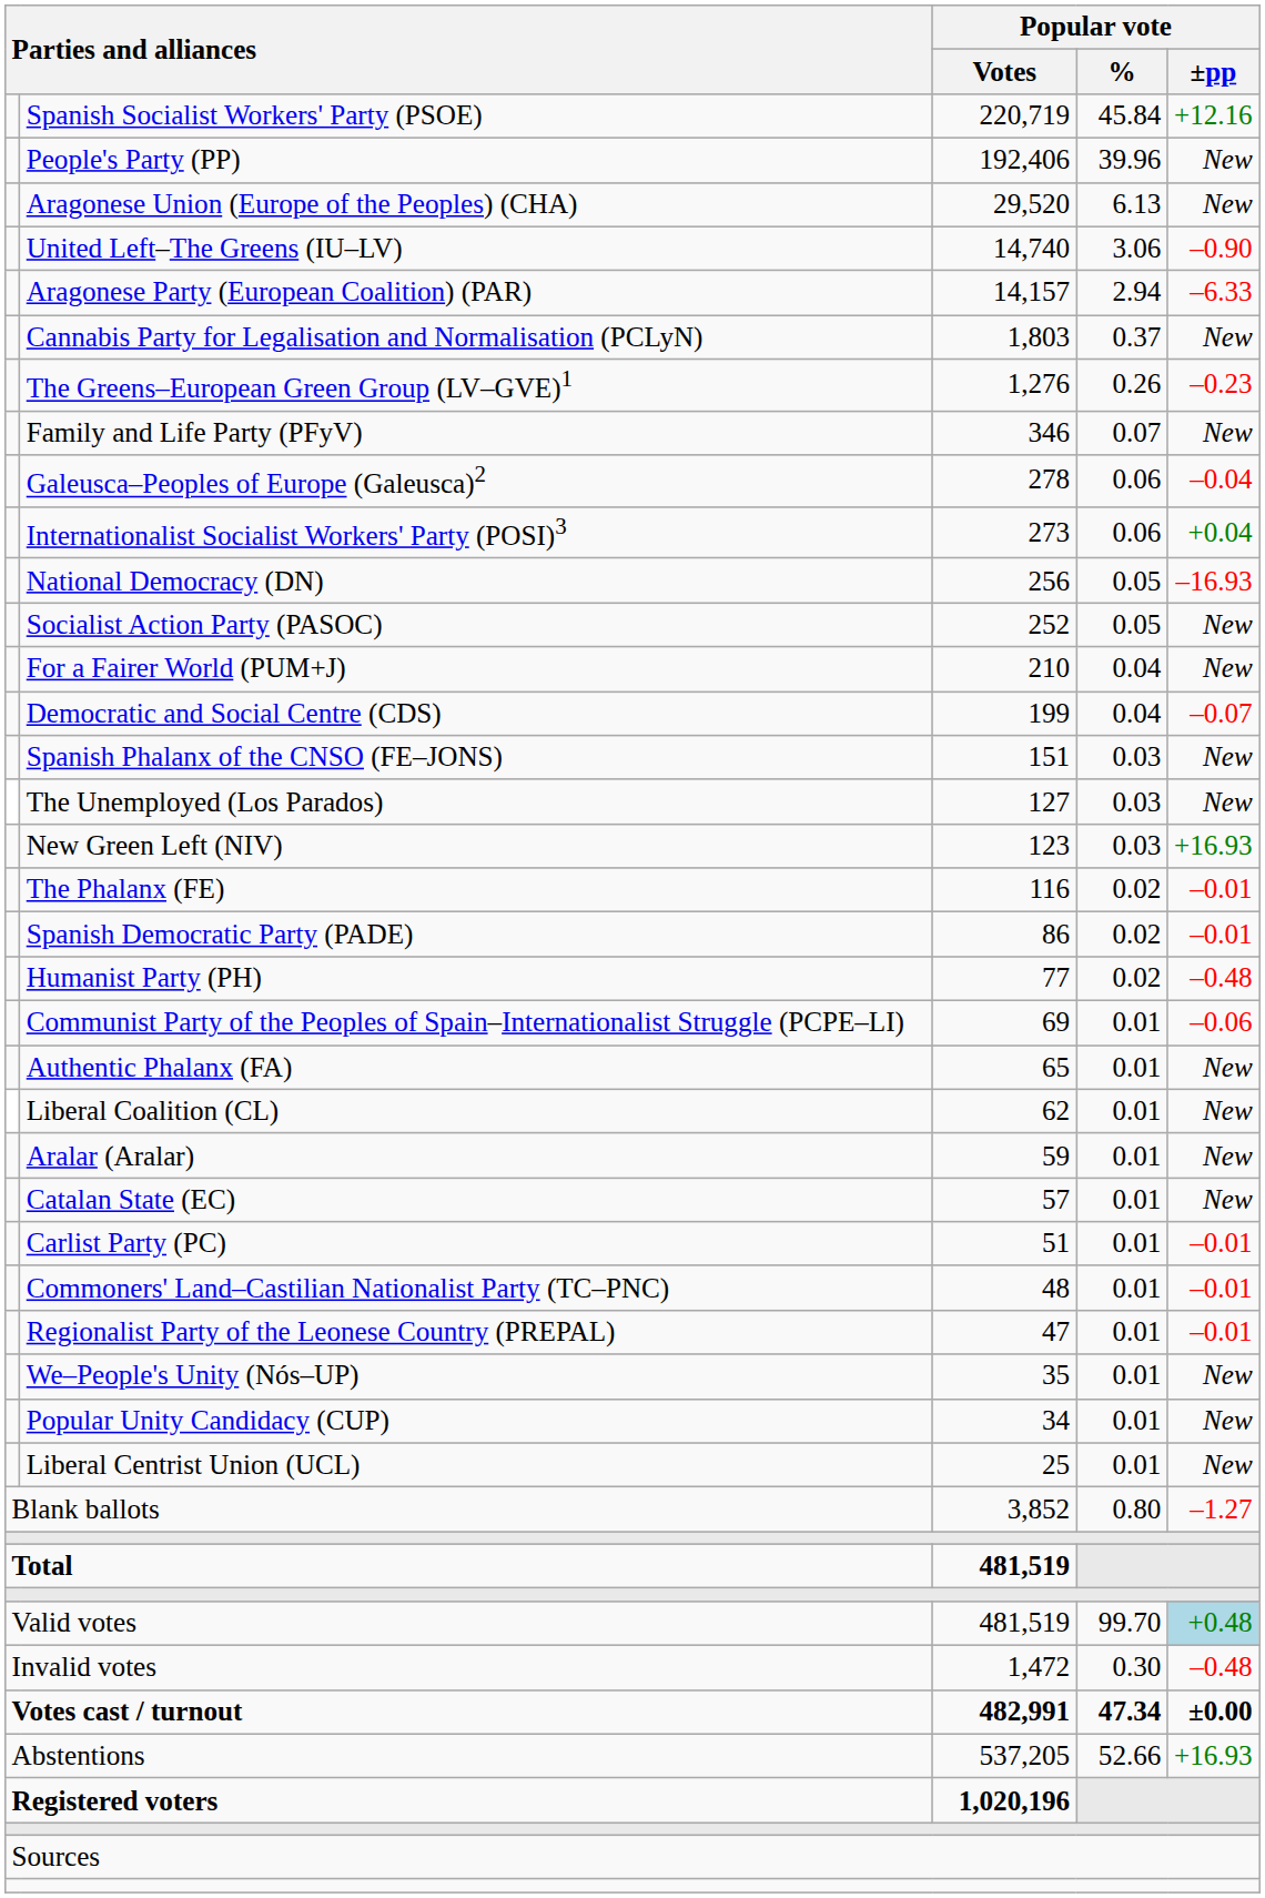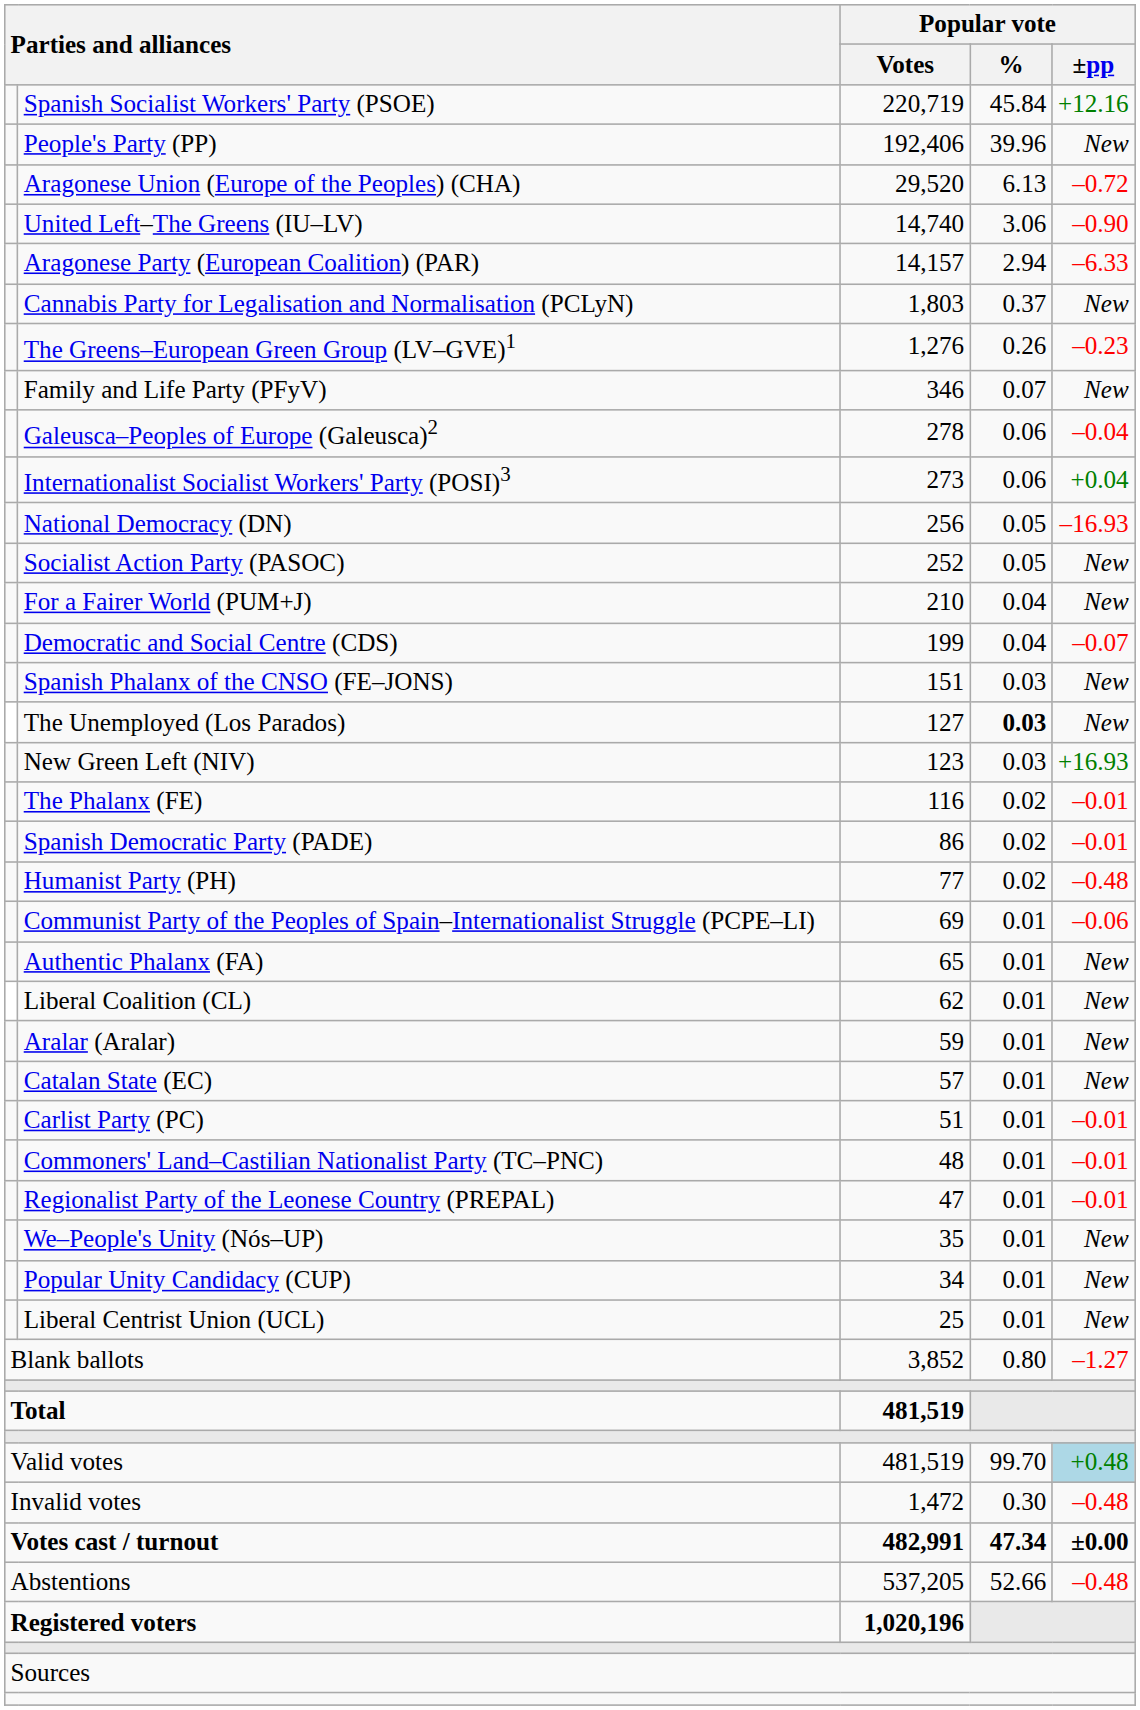 <table class="wikitable" style="text-align:right">
 <tr>
 <th style="text-align:left;" rowspan="2" colspan="2" width="525">Parties and alliances</th>
 <th colspan="3">Popular vote</th>
 </tr>
 <tr>
 <th width="75">Votes</th>
 <th width="45">%</th>
 <th width="45">±<a href='#'>pp</a></th>
 </tr>
 <tr>
 <td width="1" style="color:inherit;background:"></td>
 <td align="left"><a href='#'>Spanish Socialist Workers' Party</a> (PSOE)</td>
 <td>220,719</td>
 <td>45.84</td>
 <td style="color:green;">+12.16</td>
 </tr>
 <tr>
 <td style="color:inherit;background:"></td>
 <td align="left"><a href='#'>People's Party</a> (PP)</td>
 <td>192,406</td>
 <td>39.96</td>
 <td><em>New</em></td>
 </tr>
 <tr>
 <td style="color:inherit;background:"></td>
 <td align="left"><a href='#'>Aragonese Union</a> (<a href='#'>Europe of the Peoples</a>) (CHA)</td>
 <td>29,520</td>
 <td>6.13</td>
-<td><em>New</em></td>
+<td style="color:red;">–0.72</td>
 </tr>
 <tr>
 <td style="color:inherit;background:"></td>
 <td align="left"><a href='#'>United Left</a>–<a href='#'>The Greens</a> (IU–LV)</td>
 <td>14,740</td>
 <td>3.06</td>
 <td style="color:red;">–0.90</td>
 </tr>
 <tr>
 <td style="color:inherit;background:"></td>
 <td align="left"><a href='#'>Aragonese Party</a> (<a href='#'>European Coalition</a>) (PAR)</td>
 <td>14,157</td>
 <td>2.94</td>
 <td style="color:red;">–6.33</td>
 </tr>
 <tr>
 <td style="color:inherit;background:"></td>
 <td align="left"><a href='#'>Cannabis Party for Legalisation and Normalisation</a> (PCLyN)</td>
 <td>1,803</td>
 <td>0.37</td>
 <td><em>New</em></td>
 </tr>
 <tr>
 <td style="color:inherit;background:"></td>
 <td align="left"><a href='#'>The Greens–European Green Group</a> (LV–GVE)<sup>1</sup></td>
 <td>1,276</td>
 <td>0.26</td>
 <td style="color:red;">–0.23</td>
 </tr>
 <tr>
 <td style="color:inherit;background:"></td>
 <td align="left">Family and Life Party (PFyV)</td>
 <td>346</td>
 <td>0.07</td>
 <td><em>New</em></td>
 </tr>
 <tr>
 <td style="color:inherit;background:"></td>
 <td align="left"><a href='#'>Galeusca–Peoples of Europe</a> (Galeusca)<sup>2</sup></td>
 <td>278</td>
 <td>0.06</td>
 <td style="color:red;">–0.04</td>
 </tr>
 <tr>
 <td style="color:inherit;background:"></td>
 <td align="left"><a href='#'>Internationalist Socialist Workers' Party</a> (POSI)<sup>3</sup></td>
 <td>273</td>
 <td>0.06</td>
 <td style="color:green;">+0.04</td>
 </tr>
 <tr>
 <td style="color:inherit;background:"></td>
 <td align="left"><a href='#'>National Democracy</a> (DN)</td>
 <td>256</td>
 <td>0.05</td>
 <td style="color:red;">–16.93</td>
 </tr>
 <tr>
 <td style="color:inherit;background:"></td>
 <td align="left"><a href='#'>Socialist Action Party</a> (PASOC)</td>
 <td>252</td>
 <td>0.05</td>
 <td><em>New</em></td>
 </tr>
 <tr>
 <td style="color:inherit;background:"></td>
 <td align="left"><a href='#'>For a Fairer World</a> (PUM+J)</td>
 <td>210</td>
 <td>0.04</td>
 <td><em>New</em></td>
 </tr>
 <tr>
 <td style="color:inherit;background:"></td>
 <td align="left"><a href='#'>Democratic and Social Centre</a> (CDS)</td>
 <td>199</td>
 <td>0.04</td>
 <td style="color:red;">–0.07</td>
 </tr>
 <tr>
 <td style="color:inherit;background:"></td>
 <td align="left"><a href='#'>Spanish Phalanx of the CNSO</a> (FE–JONS)</td>
 <td>151</td>
 <td>0.03</td>
 <td><em>New</em></td>
 </tr>
 <tr>
 <td bgcolor="white"></td>
 <td align="left">The Unemployed (Los Parados)</td>
 <td>127</td>
-<td>0.03</td>
+<td><strong>0.03</strong></td>
 <td><em>New</em></td>
 </tr>
 <tr>
 <td style="color:inherit;background:"></td>
 <td align="left">New Green Left (NIV)</td>
 <td>123</td>
 <td>0.03</td>
 <td style="color:green;">+16.93</td>
 </tr>
 <tr>
 <td style="color:inherit;background:"></td>
 <td align="left"><a href='#'>The Phalanx</a> (FE)</td>
 <td>116</td>
 <td>0.02</td>
 <td style="color:red;">–0.01</td>
 </tr>
 <tr>
 <td style="color:inherit;background:"></td>
 <td align="left"><a href='#'>Spanish Democratic Party</a> (PADE)</td>
 <td>86</td>
 <td>0.02</td>
 <td style="color:red;">–0.01</td>
 </tr>
 <tr>
 <td style="color:inherit;background:"></td>
 <td align="left"><a href='#'>Humanist Party</a> (PH)</td>
 <td>77</td>
 <td>0.02</td>
 <td style="color:red;">–0.48</td>
 </tr>
 <tr>
 <td style="color:inherit;background:"></td>
 <td align="left"><a href='#'>Communist Party of the Peoples of Spain</a>–<a href='#'>Internationalist Struggle</a> (PCPE–LI)</td>
 <td>69</td>
 <td>0.01</td>
 <td style="color:red;">–0.06</td>
 </tr>
 <tr>
 <td style="color:inherit;background:"></td>
 <td align="left"><a href='#'>Authentic Phalanx</a> (FA)</td>
 <td>65</td>
 <td>0.01</td>
 <td><em>New</em></td>
 </tr>
 <tr>
 <td bgcolor="white"></td>
 <td align="left">Liberal Coalition (CL)</td>
 <td>62</td>
 <td>0.01</td>
 <td><em>New</em></td>
 </tr>
 <tr>
 <td style="color:inherit;background:"></td>
 <td align="left"><a href='#'>Aralar</a> (Aralar)</td>
 <td>59</td>
 <td>0.01</td>
 <td><em>New</em></td>
 </tr>
 <tr>
 <td style="color:inherit;background:"></td>
 <td align="left"><a href='#'>Catalan State</a> (EC)</td>
 <td>57</td>
 <td>0.01</td>
 <td><em>New</em></td>
 </tr>
 <tr>
 <td style="color:inherit;background:"></td>
 <td align="left"><a href='#'>Carlist Party</a> (PC)</td>
 <td>51</td>
 <td>0.01</td>
 <td style="color:red;">–0.01</td>
 </tr>
 <tr>
 <td style="color:inherit;background:"></td>
 <td align="left"><a href='#'>Commoners' Land–Castilian Nationalist Party</a> (TC–PNC)</td>
 <td>48</td>
 <td>0.01</td>
 <td style="color:red;">–0.01</td>
 </tr>
 <tr>
 <td style="color:inherit;background:"></td>
 <td align="left"><a href='#'>Regionalist Party of the Leonese Country</a> (PREPAL)</td>
 <td>47</td>
 <td>0.01</td>
 <td style="color:red;">–0.01</td>
 </tr>
 <tr>
 <td style="color:inherit;background:"></td>
 <td align="left"><a href='#'>We–People's Unity</a> (Nós–UP)</td>
 <td>35</td>
 <td>0.01</td>
 <td><em>New</em></td>
 </tr>
 <tr>
 <td style="color:inherit;background:"></td>
 <td align="left"><a href='#'>Popular Unity Candidacy</a> (CUP)</td>
 <td>34</td>
 <td>0.01</td>
 <td><em>New</em></td>
 </tr>
 <tr>
 <td style="color:inherit;background:"></td>
 <td align="left">Liberal Centrist Union (UCL)</td>
 <td>25</td>
 <td>0.01</td>
 <td><em>New</em></td>
 </tr>
 <tr>
 <td align="left" colspan="2">Blank ballots</td>
 <td>3,852</td>
 <td>0.80</td>
 <td style="color:red;">–1.27</td>
 </tr>
 <tr>
 <td colspan="5" bgcolor="#E9E9E9"></td>
 </tr>
 <tr style="font-weight:bold;">
 <td align="left" colspan="2">Total</td>
 <td>481,519</td>
 <td bgcolor="#E9E9E9" colspan="2"></td>
 </tr>
 <tr>
 <td colspan="5" bgcolor="#E9E9E9"></td>
 </tr>
 <tr>
 <td align="left" colspan="2">Valid votes</td>
 <td>481,519</td>
 <td>99.70</td>
 <td style="background: lightblue; color:green;">+0.48</td>
 </tr>
 <tr>
 <td align="left" colspan="2">Invalid votes</td>
 <td>1,472</td>
 <td>0.30</td>
 <td style="color:red;">–0.48</td>
 </tr>
 <tr style="font-weight:bold;">
 <td align="left" colspan="2">Votes cast / turnout</td>
 <td>482,991</td>
 <td>47.34</td>
 <td>±0.00</td>
 </tr>
 <tr>
 <td align="left" colspan="2">Abstentions</td>
 <td>537,205</td>
 <td>52.66</td>
-<td style="color:green;">+16.93</td>
+<td style="color:red;">–0.48</td>
 </tr>
 <tr style="font-weight:bold;">
 <td align="left" colspan="2">Registered voters</td>
 <td>1,020,196</td>
 <td bgcolor="#E9E9E9" colspan="2"></td>
 </tr>
 <tr>
 <td colspan="5" bgcolor="#E9E9E9"></td>
 </tr>
 <tr>
 <td align="left" colspan="5">Sources</td>
 </tr>
 <tr>
 <td colspan="5" style="text-align:left; max-width:680px;"></td>
 </tr>
 </table>
